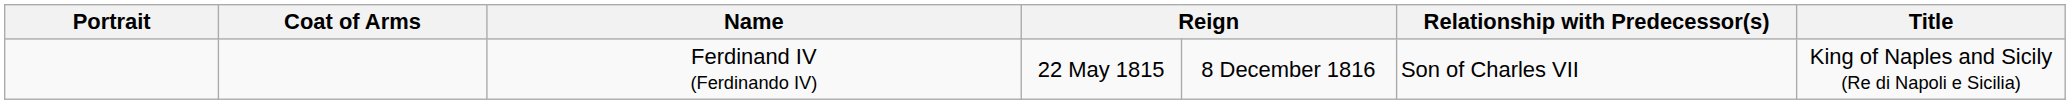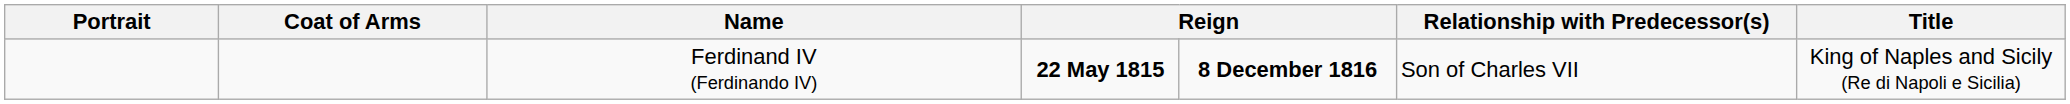 <table width=95% class="wikitable">
 <tr>
 <th width=8%>Portrait</th>
 <th width=10%>Coat of Arms</th>
 <th width=20%>Name</th>
 <th colspan=2 width=14%>Reign</th>
 <th width=15%>Relationship with Predecessor(s)</th>
 <th width=10%>Title</th>
 </tr>
 <tr>
 <td align="center"></td>
 <td align="center"></td>
 <td align="center">Ferdinand IV<br><small>(Ferdinando IV)</small></td>
-<td align="center">22 May 1815</td>
-<td align="center">8 December 1816</td>
+<td align="center"><strong>22 May 1815</strong></td>
+<td align="center"><strong>8 December 1816</strong></td>
 <td>Son of Charles VII</td>
 <td align="center">King of Naples and Sicily<br><small>(Re di Napoli e Sicilia)</small></td>
 </tr>
 </table>
